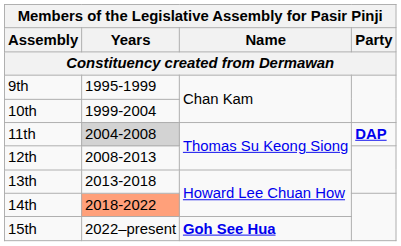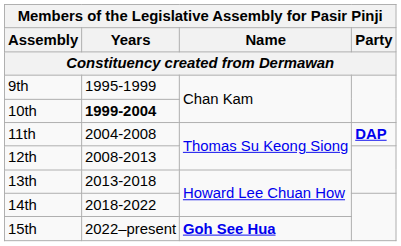 <table class="wikitable">
 <tr>
 <th colspan="4">Members of the Legislative Assembly for Pasir Pinji</th>
 </tr>
 <tr>
 <th>Assembly</th>
 <th>Years</th>
 <th>Name</th>
 <th>Party</th>
 </tr>
 <tr>
 <th colspan="4"><em>Constituency created from Dermawan</em></th>
 </tr>
 <tr>
 <td>9th</td>
 <td>1995-1999</td>
 <td rowspan="2">Chan Kam</td>
 <td rowspan="2"></td>
 </tr>
 <tr>
 <td>10th</td>
-<td>1999-2004</td>
+<td><strong>1999-2004</strong></td>
 </tr>
 <tr>
 <td>11th</td>
-<td style="background: lightgrey;">2004-2008</td>
+<td>2004-2008</td>
 <td rowspan="2"><a href='#'>Thomas Su Keong Siong</a></td>
 <td><strong><a href='#'>DAP</a></strong></td>
 </tr>
 <tr>
 <td>12th</td>
 <td>2008-2013</td>
 <td rowspan=2></td>
 </tr>
 <tr>
 <td>13th</td>
 <td>2013-2018</td>
 <td rowspan="2"><a href='#'>Howard Lee Chuan How</a></td>
 </tr>
 <tr>
 <td>14th</td>
-<td style="background: lightsalmon;">2018-2022</td>
+<td>2018-2022</td>
 <td rowspan="2"></td>
 </tr>
 <tr>
 <td>15th</td>
 <td>2022–present</td>
 <td><strong><a href='#'>Goh See Hua</a></strong></td>
 </tr>
 </table>
